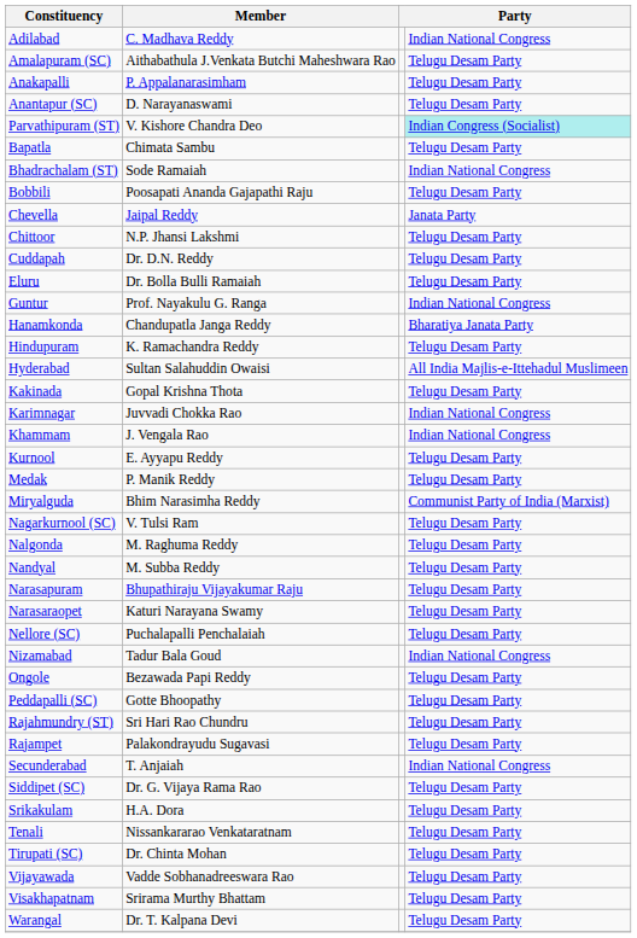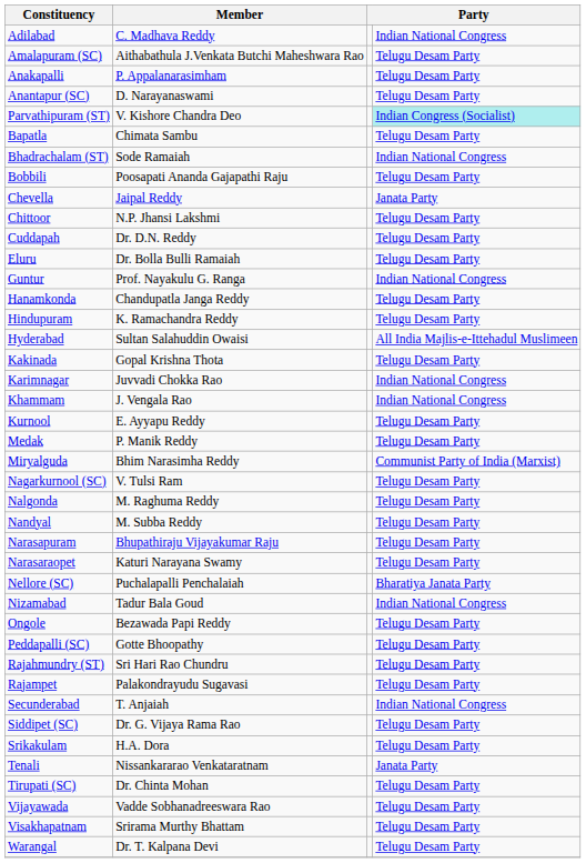 <table class="wikitable sortable">
 <tr>
 <th>Constituency</th>
 <th>Member</th>
 <th colspan="2">Party</th>
 </tr>
 <tr>
 <td><a href='#'>Adilabad</a></td>
 <td><a href='#'>C. Madhava Reddy</a></td>
 <td style="background-color: "></td>
 <td><a href='#'>Indian National Congress</a></td>
 </tr>
 <tr>
 <td><a href='#'>Amalapuram (SC)</a></td>
 <td>Aithabathula J.Venkata Butchi Maheshwara Rao</td>
 <td style="background-color: "></td>
 <td><a href='#'>Telugu Desam Party</a></td>
 </tr>
 <tr>
 <td><a href='#'>Anakapalli</a></td>
 <td><a href='#'>P. Appalanarasimham</a></td>
 <td style="background-color: "></td>
 <td><a href='#'>Telugu Desam Party</a></td>
 </tr>
 <tr>
 <td><a href='#'>Anantapur (SC)</a></td>
 <td>D. Narayanaswami</td>
 <td style="background-color: "></td>
 <td><a href='#'>Telugu Desam Party</a></td>
 </tr>
 <tr>
 <td><a href='#'>Parvathipuram (ST)</a></td>
 <td>V. Kishore Chandra Deo</td>
 <td style="background-color: "></td>
 <td style="background: paleturquoise;"><a href='#'>Indian Congress (Socialist)</a></td>
 </tr>
 <tr>
 <td><a href='#'>Bapatla</a></td>
 <td>Chimata Sambu</td>
 <td style="background-color: "></td>
 <td><a href='#'>Telugu Desam Party</a></td>
 </tr>
 <tr>
 <td><a href='#'>Bhadrachalam (ST)</a></td>
 <td>Sode Ramaiah</td>
 <td style="background-color: "></td>
 <td><a href='#'>Indian National Congress</a></td>
 </tr>
 <tr>
 <td><a href='#'>Bobbili</a></td>
 <td>Poosapati Ananda Gajapathi Raju</td>
 <td style="background-color: "></td>
 <td><a href='#'>Telugu Desam Party</a></td>
 </tr>
 <tr>
 <td><a href='#'>Chevella</a></td>
 <td><a href='#'>Jaipal Reddy</a></td>
 <td style="background-color: "></td>
 <td><a href='#'>Janata Party</a></td>
 </tr>
 <tr>
 <td><a href='#'>Chittoor</a></td>
 <td>N.P. Jhansi Lakshmi</td>
 <td style="background-color: "></td>
 <td><a href='#'>Telugu Desam Party</a></td>
 </tr>
 <tr>
 <td><a href='#'>Cuddapah</a></td>
 <td>Dr. D.N. Reddy</td>
 <td style="background-color: "></td>
 <td><a href='#'>Telugu Desam Party</a></td>
 </tr>
 <tr>
 <td><a href='#'>Eluru</a></td>
 <td>Dr. Bolla Bulli Ramaiah</td>
 <td style="background-color: "></td>
 <td><a href='#'>Telugu Desam Party</a></td>
 </tr>
 <tr>
 <td><a href='#'>Guntur</a></td>
 <td>Prof. Nayakulu G. Ranga</td>
 <td style="background-color: "></td>
 <td><a href='#'>Indian National Congress</a></td>
 </tr>
 <tr>
 <td><a href='#'>Hanamkonda</a></td>
 <td>Chandupatla Janga Reddy</td>
 <td style="background-color: "></td>
-<td><a href='#'>Bharatiya Janata Party</a></td>
+<td><a href='#'>Telugu Desam Party</a></td>
 </tr>
 <tr>
 <td><a href='#'>Hindupuram</a></td>
 <td>K. Ramachandra Reddy</td>
 <td style="background-color: "></td>
 <td><a href='#'>Telugu Desam Party</a></td>
 </tr>
 <tr>
 <td><a href='#'>Hyderabad</a></td>
 <td>Sultan Salahuddin Owaisi</td>
 <td style="background-color: "></td>
 <td><a href='#'>All India Majlis-e-Ittehadul Muslimeen</a></td>
 </tr>
 <tr>
 <td><a href='#'>Kakinada</a></td>
 <td>Gopal Krishna Thota</td>
 <td style="background-color: "></td>
 <td><a href='#'>Telugu Desam Party</a></td>
 </tr>
 <tr>
 <td><a href='#'>Karimnagar</a></td>
 <td>Juvvadi Chokka Rao</td>
 <td style="background-color: "></td>
 <td><a href='#'>Indian National Congress</a></td>
 </tr>
 <tr>
 <td><a href='#'>Khammam</a></td>
 <td>J. Vengala Rao</td>
 <td style="background-color: "></td>
 <td><a href='#'>Indian National Congress</a></td>
 </tr>
 <tr>
 <td><a href='#'>Kurnool</a></td>
 <td>E. Ayyapu Reddy</td>
 <td style="background-color: "></td>
 <td><a href='#'>Telugu Desam Party</a></td>
 </tr>
 <tr>
 <td><a href='#'>Medak</a></td>
 <td>P. Manik Reddy</td>
 <td style="background-color: "></td>
 <td><a href='#'>Telugu Desam Party</a></td>
 </tr>
 <tr>
 <td><a href='#'>Miryalguda</a></td>
 <td>Bhim Narasimha Reddy</td>
 <td style="background-color: "></td>
 <td><a href='#'>Communist Party of India (Marxist)</a></td>
 </tr>
 <tr>
 <td><a href='#'>Nagarkurnool (SC)</a></td>
 <td>V. Tulsi Ram</td>
 <td style="background-color: "></td>
 <td><a href='#'>Telugu Desam Party</a></td>
 </tr>
 <tr>
 <td><a href='#'>Nalgonda</a></td>
 <td>M. Raghuma Reddy</td>
 <td style="background-color: "></td>
 <td><a href='#'>Telugu Desam Party</a></td>
 </tr>
 <tr>
 <td><a href='#'>Nandyal</a></td>
 <td>M. Subba Reddy</td>
 <td style="background-color: "></td>
 <td><a href='#'>Telugu Desam Party</a></td>
 </tr>
 <tr>
 <td><a href='#'>Narasapuram</a></td>
 <td><a href='#'>Bhupathiraju Vijayakumar Raju</a></td>
 <td style="background-color: "></td>
 <td><a href='#'>Telugu Desam Party</a></td>
 </tr>
 <tr>
 <td><a href='#'>Narasaraopet</a></td>
 <td>Katuri Narayana Swamy</td>
 <td style="background-color: "></td>
 <td><a href='#'>Telugu Desam Party</a></td>
 </tr>
 <tr>
 <td><a href='#'>Nellore (SC)</a></td>
 <td>Puchalapalli Penchalaiah</td>
 <td style="background-color: "></td>
-<td><a href='#'>Telugu Desam Party</a></td>
+<td><a href='#'>Bharatiya Janata Party</a></td>
 </tr>
 <tr>
 <td><a href='#'>Nizamabad</a></td>
 <td>Tadur Bala Goud</td>
 <td style="background-color: "></td>
 <td><a href='#'>Indian National Congress</a></td>
 </tr>
 <tr>
 <td><a href='#'>Ongole</a></td>
 <td>Bezawada Papi Reddy</td>
 <td style="background-color: "></td>
 <td><a href='#'>Telugu Desam Party</a></td>
 </tr>
 <tr>
 <td><a href='#'>Peddapalli (SC)</a></td>
 <td>Gotte Bhoopathy</td>
 <td style="background-color: "></td>
 <td><a href='#'>Telugu Desam Party</a></td>
 </tr>
 <tr>
 <td><a href='#'>Rajahmundry (ST)</a></td>
 <td>Sri Hari Rao Chundru</td>
 <td style="background-color: "></td>
 <td><a href='#'>Telugu Desam Party</a></td>
 </tr>
 <tr>
 <td><a href='#'>Rajampet</a></td>
 <td>Palakondrayudu Sugavasi</td>
 <td style="background-color: "></td>
 <td><a href='#'>Telugu Desam Party</a></td>
 </tr>
 <tr>
 <td><a href='#'>Secunderabad</a></td>
 <td>T. Anjaiah</td>
 <td style="background-color: "></td>
 <td><a href='#'>Indian National Congress</a></td>
 </tr>
 <tr>
 <td><a href='#'>Siddipet (SC)</a></td>
 <td>Dr. G. Vijaya Rama Rao</td>
 <td style="background-color: "></td>
 <td><a href='#'>Telugu Desam Party</a></td>
 </tr>
 <tr>
 <td><a href='#'>Srikakulam</a></td>
 <td>H.A. Dora</td>
 <td style="background-color: "></td>
 <td><a href='#'>Telugu Desam Party</a></td>
 </tr>
 <tr>
 <td><a href='#'>Tenali</a></td>
 <td>Nissankararao Venkataratnam</td>
 <td style="background-color: "></td>
-<td><a href='#'>Telugu Desam Party</a></td>
+<td><a href='#'>Janata Party</a></td>
 </tr>
 <tr>
 <td><a href='#'>Tirupati (SC)</a></td>
 <td>Dr. Chinta Mohan</td>
 <td style="background-color: "></td>
 <td><a href='#'>Telugu Desam Party</a></td>
 </tr>
 <tr>
 <td><a href='#'>Vijayawada</a></td>
 <td>Vadde Sobhanadreeswara Rao</td>
 <td style="background-color: "></td>
 <td><a href='#'>Telugu Desam Party</a></td>
 </tr>
 <tr>
 <td><a href='#'>Visakhapatnam</a></td>
 <td>Srirama Murthy Bhattam</td>
 <td style="background-color: "></td>
 <td><a href='#'>Telugu Desam Party</a></td>
 </tr>
 <tr>
 <td><a href='#'>Warangal</a></td>
 <td>Dr. T. Kalpana Devi</td>
 <td style="background-color: "></td>
 <td><a href='#'>Telugu Desam Party</a></td>
 </tr>
 <tr>
 </tr>
 </table>
